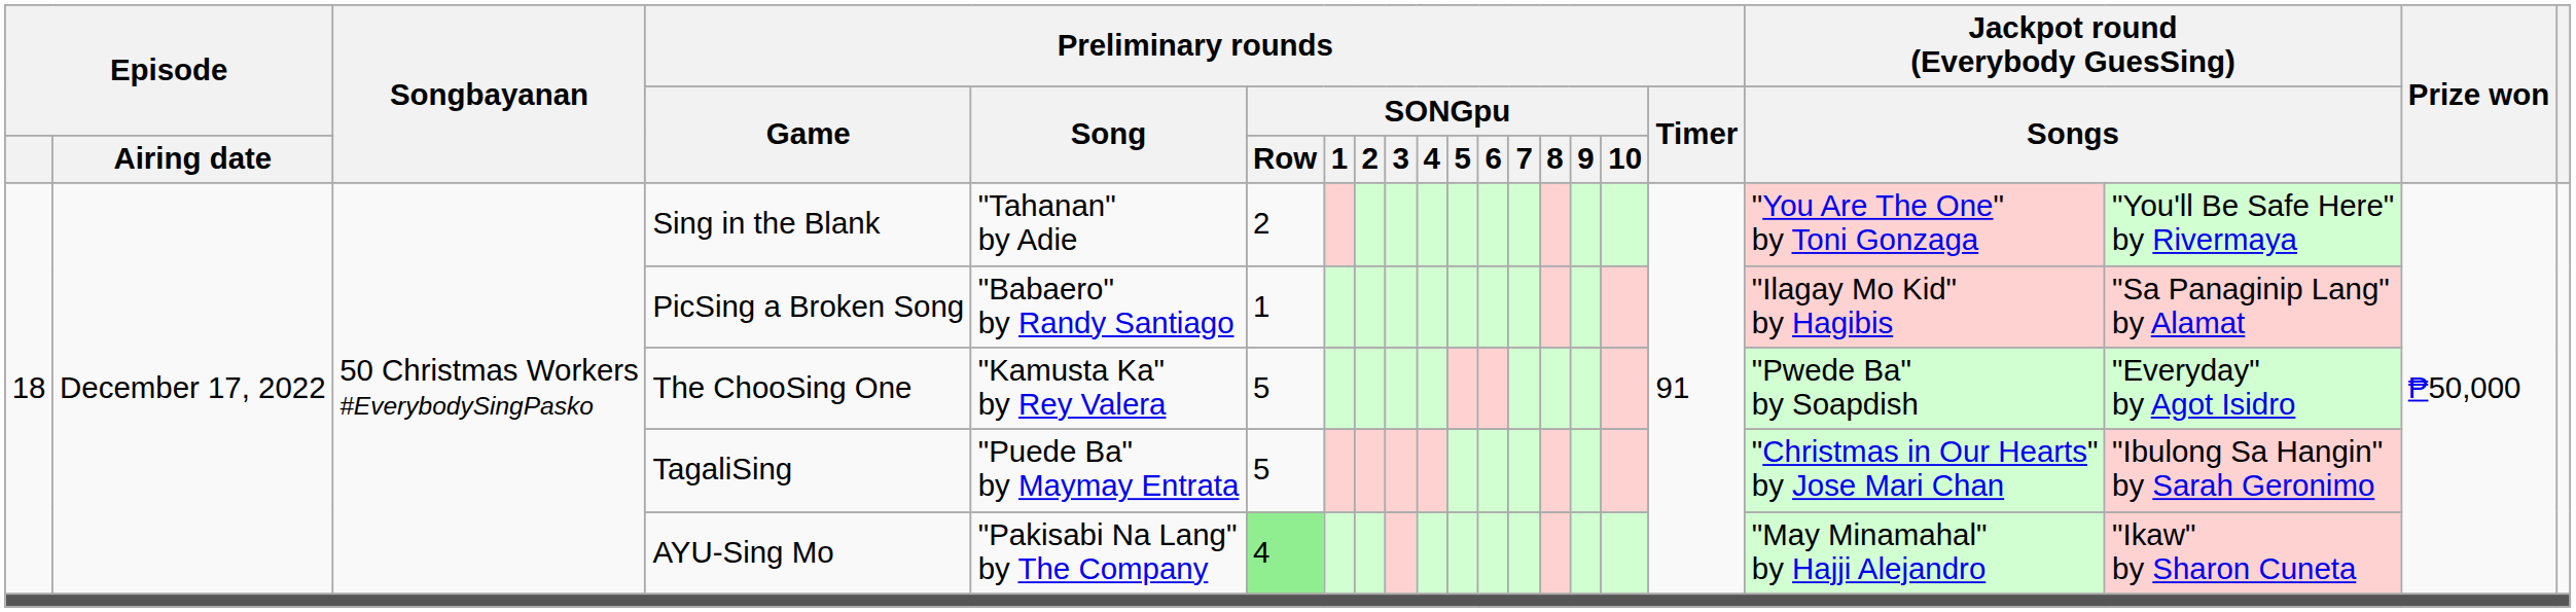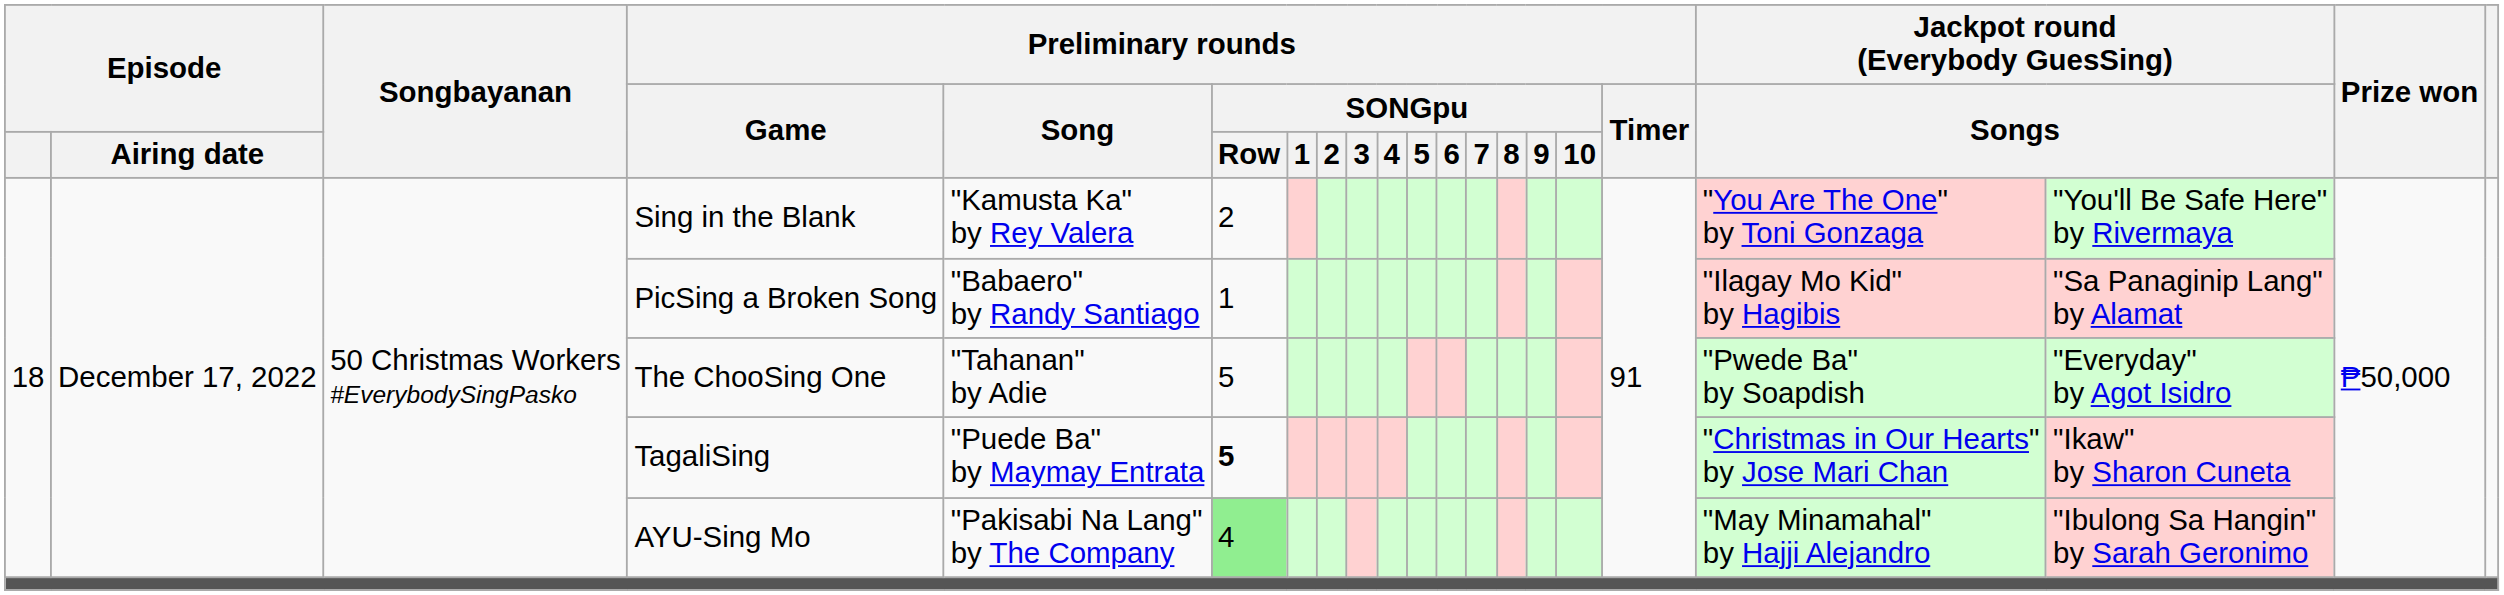 <table class="wikitable plainrowheaders mw-collapsible ">
 <tr>
 <th colspan="2" rowspan="2">Episode</th>
 <th rowspan="3">Songbayanan</th>
 <th colspan="14">Preliminary rounds</th>
 <th colspan="2">Jackpot round<br>(Everybody GuesSing)</th>
 <th rowspan="3">Prize won</th>
 <th rowspan="3"></th>
 </tr>
 <tr>
 <th rowspan="2">Game</th>
 <th rowspan="2">Song</th>
 <th colspan="11">SONGpu</th>
 <th rowspan="2">Timer</th>
 <th colspan="2" rowspan="2">Songs</th>
 </tr>
 <tr>
 <th></th>
 <th>Airing date</th>
 <th>Row</th>
 <th>1</th>
 <th>2</th>
 <th>3</th>
 <th>4</th>
 <th>5</th>
 <th>6</th>
 <th>7</th>
 <th>8</th>
 <th>9</th>
 <th>10</th>
 </tr>
 <tr>
 <td rowspan="5">18</td>
 <td rowspan="5">December 17, 2022</td>
 <td rowspan="5">50 Christmas Workers<br><small><em>#EverybodySingPasko</em></small></td>
 <td>Sing in the Blank</td>
-<td>"Tahanan"<br>by Adie</td>
+<td>"Kamusta Ka"<br>by <a href='#'>Rey Valera</a></td>
 <td>2</td>
 <td style="background:#FFD2D2"></td>
 <td style="background:#D2FFD2"></td>
 <td style="background:#D2FFD2"></td>
 <td style="background:#D2FFD2"></td>
 <td style="background:#D2FFD2"></td>
 <td style="background:#D2FFD2"></td>
 <td style="background:#D2FFD2"></td>
 <td style="background:#FFD2D2"></td>
 <td style="background:#D2FFD2"></td>
 <td style="background:#D2FFD2"></td>
 <td rowspan="5">91 </td>
 <td style="background:#FFD2D2">"<a href='#'>You Are The One</a>"<br>by <a href='#'>Toni Gonzaga</a></td>
 <td style="background:#D2FFD2">"You'll Be Safe Here"<br>by <a href='#'>Rivermaya</a></td>
 <td rowspan="5"><a href='#'>₱</a>50,000</td>
 <td rowspan="5"></td>
 </tr>
 <tr>
 <td>PicSing a Broken Song</td>
 <td>"Babaero"<br>by <a href='#'>Randy Santiago</a></td>
 <td>1</td>
 <td style="background:#D2FFD2"></td>
 <td style="background:#D2FFD2"></td>
 <td style="background:#D2FFD2"></td>
 <td style="background:#D2FFD2"></td>
 <td style="background:#D2FFD2"></td>
 <td style="background:#D2FFD2"></td>
 <td style="background:#D2FFD2"></td>
 <td style="background:#FFD2D2"></td>
 <td style="background:#D2FFD2"></td>
 <td style="background:#FFD2D2"></td>
 <td style="background:#FFD2D2">"Ilagay Mo Kid"<br>by <a href='#'>Hagibis</a></td>
 <td style="background:#FFD2D2">"Sa Panaginip Lang"<br>by <a href='#'>Alamat</a></td>
 </tr>
 <tr>
 <td>The ChooSing One</td>
-<td>"Kamusta Ka"<br>by <a href='#'>Rey Valera</a></td>
+<td>"Tahanan"<br>by Adie</td>
 <td>5</td>
 <td style="background:#D2FFD2"></td>
 <td style="background:#D2FFD2"></td>
 <td style="background:#D2FFD2"></td>
 <td style="background:#D2FFD2"></td>
 <td style="background:#FFD2D2"></td>
 <td style="background:#FFD2D2"></td>
 <td style="background:#D2FFD2"></td>
 <td style="background:#D2FFD2"></td>
 <td style="background:#D2FFD2"></td>
 <td style="background:#FFD2D2"></td>
 <td style="background:#D2FFD2">"Pwede Ba"<br>by Soapdish</td>
 <td style="background:#D2FFD2">"Everyday"<br>by <a href='#'>Agot Isidro</a></td>
 </tr>
 <tr>
 <td>TagaliSing</td>
 <td>"Puede Ba"<br>by <a href='#'>Maymay Entrata</a></td>
-<td>5</td>
+<td><strong>5</strong></td>
 <td style="background:#FFD2D2"></td>
 <td style="background:#FFD2D2"></td>
 <td style="background:#FFD2D2"></td>
 <td style="background:#FFD2D2"></td>
 <td style="background:#D2FFD2"></td>
 <td style="background:#D2FFD2"></td>
 <td style="background:#D2FFD2"></td>
 <td style="background:#FFD2D2"></td>
 <td style="background:#D2FFD2"></td>
 <td style="background:#FFD2D2"></td>
 <td style="background:#D2FFD2">"<a href='#'>Christmas in Our Hearts</a>"<br>by <a href='#'>Jose Mari Chan</a></td>
-<td style="background:#FFD2D2">"Ibulong Sa Hangin"<br>by <a href='#'>Sarah Geronimo</a></td>
+<td style="background:#FFD2D2">"Ikaw"<br>by <a href='#'>Sharon Cuneta</a></td>
 </tr>
 <tr>
 <td>AYU-Sing Mo</td>
 <td>"Pakisabi Na Lang"<br>by <a href='#'>The Company</a></td>
 <td style="background: lightgreen;">4</td>
 <td style="background:#D2FFD2"></td>
 <td style="background:#D2FFD2"></td>
 <td style="background:#FFD2D2"></td>
 <td style="background:#D2FFD2"></td>
 <td style="background:#D2FFD2"></td>
 <td style="background:#D2FFD2"></td>
 <td style="background:#D2FFD2"></td>
 <td style="background:#FFD2D2"></td>
 <td style="background:#D2FFD2"></td>
 <td style="background:#D2FFD2"></td>
 <td style="background:#D2FFD2">"May Minamahal"<br>by <a href='#'>Hajji Alejandro</a></td>
-<td style="background:#FFD2D2">"Ikaw"<br>by <a href='#'>Sharon Cuneta</a></td>
+<td style="background:#FFD2D2">"Ibulong Sa Hangin"<br>by <a href='#'>Sarah Geronimo</a></td>
 </tr>
 <tr>
 <th colspan="21" style="background:#555;"></th>
 </tr>
 <tr>
 </tr>
 </table>
